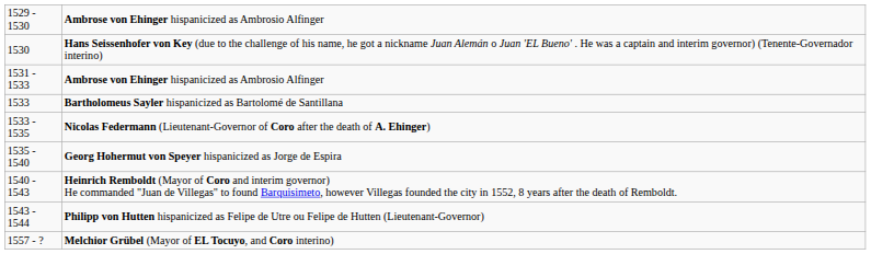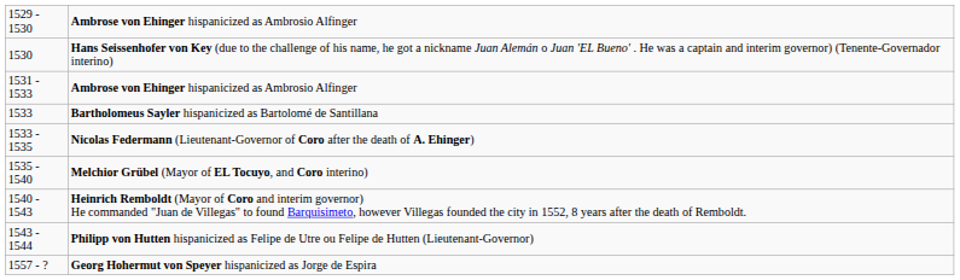 <table class="wikitable">
 <tr>
 <td>1529 - 1530</td>
 <td><strong>Ambrose von Ehinger</strong> hispanicized as Ambrosio Alfinger</td>
 </tr>
 <tr>
 <td>1530</td>
 <td><strong>Hans Seissenhofer von Key</strong> (due to the challenge of his name, he got a nickname <em>Juan Alemán</em> o <em>Juan 'EL Bueno' </em>. He was a captain and interim governor) (Tenente-Governador interino)</td>
 </tr>
 <tr>
 <td>1531 - 1533</td>
 <td><strong>Ambrose von Ehinger</strong> hispanicized as Ambrosio Alfinger</td>
 </tr>
 <tr>
 <td>1533</td>
 <td><strong>Bartholomeus Sayler</strong>  hispanicized as Bartolomé de Santillana</td>
 </tr>
 <tr>
 <td>1533 - 1535</td>
 <td><strong>Nicolas Federmann</strong> (Lieutenant-Governor of <strong>Coro</strong> after the death of <strong>A. Ehinger</strong>)</td>
 </tr>
 <tr>
 <td>1535 - 1540</td>
-<td><strong>Georg Hohermut von Speyer</strong> hispanicized as Jorge de Espira</td>
+<td><strong>Melchior Grübel</strong> (Mayor of <strong>EL Tocuyo</strong>, and <strong>Coro</strong> interino)</td>
 </tr>
 <tr>
 <td>1540 - 1543</td>
 <td><strong>Heinrich Remboldt</strong> (Mayor of <strong>Coro</strong> and interim governor)<br>He commanded "Juan de Villegas" to found <a href='#'>Barquisimeto</a>, however Villegas founded the city in 1552, 8 years after the death of Remboldt.</td>
 </tr>
 <tr>
 <td>1543 - 1544</td>
 <td><strong>Philipp von Hutten</strong> hispanicized as Felipe de Utre ou Felipe de Hutten (Lieutenant-Governor)</td>
 </tr>
 <tr>
 <td>1557 - ?</td>
-<td><strong>Melchior Grübel</strong> (Mayor of <strong>EL Tocuyo</strong>, and <strong>Coro</strong> interino)</td>
+<td><strong>Georg Hohermut von Speyer</strong> hispanicized as Jorge de Espira</td>
 </tr>
 </table>
